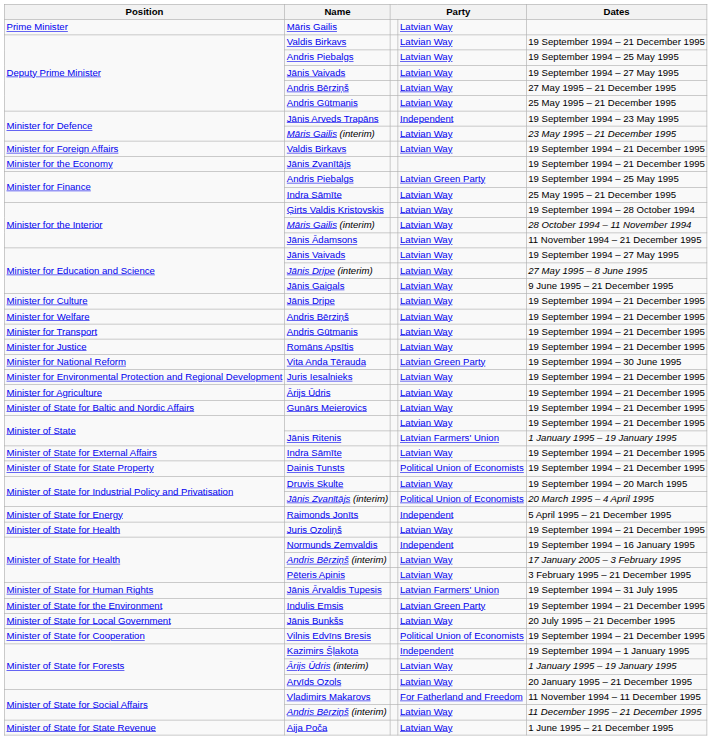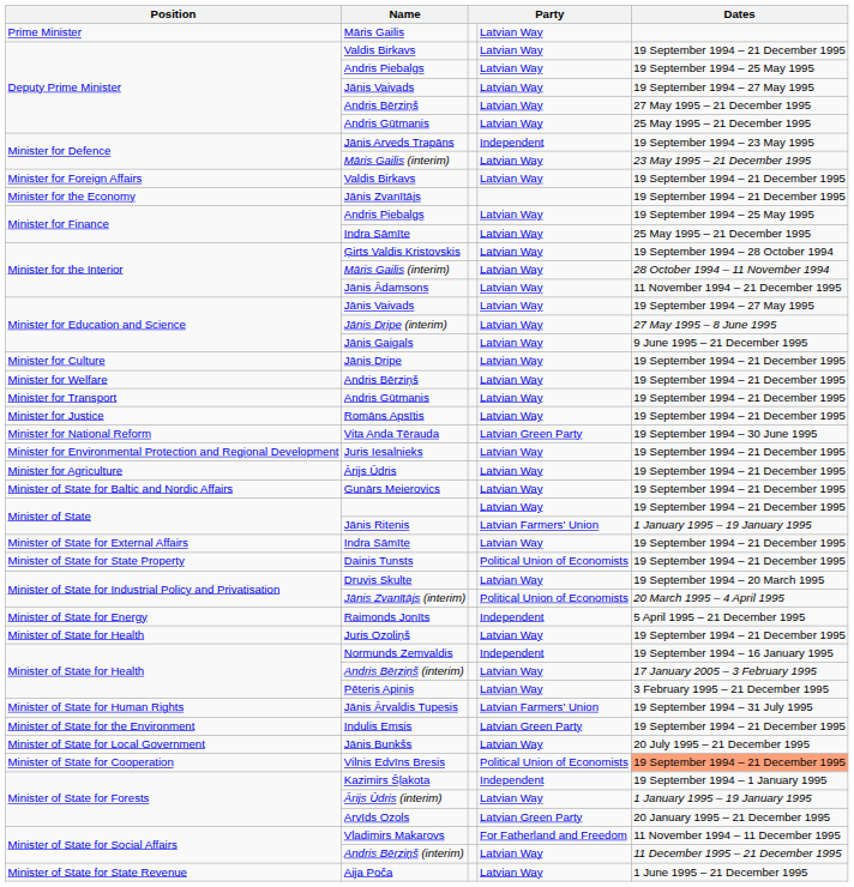 <table class="wikitable">
 <tr>
 <th>Position</th>
 <th>Name</th>
 <th colspan=2>Party</th>
 <th>Dates</th>
 </tr>
 <tr>
 <td><a href='#'>Prime Minister</a></td>
 <td><a href='#'>Māris Gailis</a></td>
 <td width=5px style="background-color: "></td>
 <td><a href='#'>Latvian Way</a></td>
 <td></td>
 </tr>
 <tr>
 <td rowspan="5"><a href='#'>Deputy Prime Minister</a></td>
 <td><a href='#'>Valdis Birkavs</a></td>
 <td style="background-color: "></td>
 <td><a href='#'>Latvian Way</a></td>
 <td>19 September 1994 – 21 December 1995</td>
 </tr>
 <tr>
 <td><a href='#'>Andris Piebalgs</a></td>
 <td style="background-color: "></td>
 <td><a href='#'>Latvian Way</a></td>
 <td>19 September 1994 – 25 May 1995</td>
 </tr>
 <tr>
 <td><a href='#'>Jānis Vaivads</a></td>
 <td style="background-color: "></td>
 <td><a href='#'>Latvian Way</a></td>
 <td>19 September 1994 – 27 May 1995</td>
 </tr>
 <tr>
 <td><a href='#'>Andris Bērziņš</a></td>
 <td style="background-color: "></td>
 <td><a href='#'>Latvian Way</a></td>
 <td>27 May 1995 – 21 December 1995</td>
 </tr>
 <tr>
 <td><a href='#'>Andris Gūtmanis</a></td>
 <td style="background-color: "></td>
 <td><a href='#'>Latvian Way</a></td>
 <td>25 May 1995 – 21 December 1995</td>
 </tr>
 <tr>
 <td rowspan="2"><a href='#'>Minister for Defence</a></td>
 <td><a href='#'>Jānis Arveds Trapāns</a></td>
 <td style="background-color: "></td>
 <td><a href='#'>Independent</a></td>
 <td>19 September 1994 – 23 May 1995</td>
 </tr>
 <tr>
 <td><em><a href='#'>Māris Gailis</a> (interim)</em></td>
 <td style="background-color: "></td>
 <td><a href='#'>Latvian Way</a></td>
 <td><em>23 May 1995 – 21 December 1995</em></td>
 </tr>
 <tr>
 <td><a href='#'>Minister for Foreign Affairs</a></td>
 <td><a href='#'>Valdis Birkavs</a></td>
 <td style="background-color: "></td>
 <td><a href='#'>Latvian Way</a></td>
 <td>19 September 1994 – 21 December 1995</td>
 </tr>
 <tr>
 <td><a href='#'>Minister for the Economy</a></td>
 <td><a href='#'>Jānis Zvanītājs</a></td>
 <td style="background-color: "></td>
 <td></td>
 <td>19 September 1994 – 21 December 1995</td>
 </tr>
 <tr>
 <td rowspan="2"><a href='#'>Minister for Finance</a></td>
 <td><a href='#'>Andris Piebalgs</a></td>
 <td style="background-color: "></td>
-<td><a href='#'>Latvian Green Party</a></td>
+<td><a href='#'>Latvian Way</a></td>
 <td>19 September 1994 – 25 May 1995</td>
 </tr>
 <tr>
 <td><a href='#'>Indra Sāmīte</a></td>
 <td style="background-color: "></td>
 <td><a href='#'>Latvian Way</a></td>
 <td>25 May 1995 – 21 December 1995</td>
 </tr>
 <tr>
 <td rowspan="3"><a href='#'>Minister for the Interior</a></td>
 <td><a href='#'>Ģirts Valdis Kristovskis</a></td>
 <td style="background-color: "></td>
 <td><a href='#'>Latvian Way</a></td>
 <td>19 September 1994 – 28 October 1994</td>
 </tr>
 <tr>
 <td><em><a href='#'>Māris Gailis</a> (interim)</em></td>
 <td style="background-color: "></td>
 <td><a href='#'>Latvian Way</a></td>
 <td><em>28 October 1994 – 11 November 1994</em></td>
 </tr>
 <tr>
 <td><a href='#'>Jānis Ādamsons</a></td>
 <td style="background-color: "></td>
 <td><a href='#'>Latvian Way</a></td>
 <td>11 November 1994 – 21 December 1995</td>
 </tr>
 <tr>
 <td rowspan="3"><a href='#'>Minister for Education and Science</a></td>
 <td><a href='#'>Jānis Vaivads</a></td>
 <td style="background-color: "></td>
 <td><a href='#'>Latvian Way</a></td>
 <td>19 September 1994 – 27 May 1995</td>
 </tr>
 <tr>
 <td><em><a href='#'>Jānis Dripe</a> (interim)</em></td>
 <td style="background-color: "></td>
 <td><a href='#'>Latvian Way</a></td>
 <td><em>27 May 1995 – 8 June 1995</em></td>
 </tr>
 <tr>
 <td><a href='#'>Jānis Gaigals</a></td>
 <td style="background-color: "></td>
 <td><a href='#'>Latvian Way</a></td>
 <td>9 June 1995 – 21 December 1995</td>
 </tr>
 <tr>
 <td><a href='#'>Minister for Culture</a></td>
 <td><a href='#'>Jānis Dripe</a></td>
 <td style="background-color: "></td>
 <td><a href='#'>Latvian Way</a></td>
 <td>19 September 1994 – 21 December 1995</td>
 </tr>
 <tr>
 <td><a href='#'>Minister for Welfare</a></td>
 <td><a href='#'>Andris Bērziņš</a></td>
 <td style="background-color: "></td>
 <td><a href='#'>Latvian Way</a></td>
 <td>19 September 1994 – 21 December 1995</td>
 </tr>
 <tr>
 <td><a href='#'>Minister for Transport</a></td>
 <td><a href='#'>Andris Gūtmanis</a></td>
 <td style="background-color: "></td>
 <td><a href='#'>Latvian Way</a></td>
 <td>19 September 1994 – 21 December 1995</td>
 </tr>
 <tr>
 <td><a href='#'>Minister for Justice</a></td>
 <td><a href='#'>Romāns Apsītis</a></td>
 <td style="background-color: "></td>
 <td><a href='#'>Latvian Way</a></td>
 <td>19 September 1994 – 21 December 1995</td>
 </tr>
 <tr>
 <td><a href='#'>Minister for National Reform</a></td>
 <td><a href='#'>Vita Anda Tērauda</a></td>
 <td style="background-color: "></td>
 <td><a href='#'>Latvian Green Party</a></td>
 <td>19 September 1994 – 30 June 1995</td>
 </tr>
 <tr>
 <td><a href='#'>Minister for Environmental Protection and Regional Development</a></td>
 <td><a href='#'>Juris Iesalnieks</a></td>
 <td style="background-color: "></td>
 <td><a href='#'>Latvian Way</a></td>
 <td>19 September 1994 – 21 December 1995</td>
 </tr>
 <tr>
 <td><a href='#'>Minister for Agriculture</a></td>
 <td><a href='#'>Ārijs Ūdris</a></td>
 <td style="background-color: "></td>
 <td><a href='#'>Latvian Way</a></td>
 <td>19 September 1994 – 21 December 1995</td>
 </tr>
 <tr>
 <td><a href='#'>Minister of State for Baltic and Nordic Affairs</a></td>
 <td><a href='#'>Gunārs Meierovics</a></td>
 <td style="background-color: "></td>
 <td><a href='#'>Latvian Way</a></td>
 <td>19 September 1994 – 21 December 1995</td>
 </tr>
 <tr>
 <td rowspan="2"><a href='#'>Minister of State</a></td>
 <td></td>
 <td style="background-color: "></td>
 <td><a href='#'>Latvian Way</a></td>
 <td>19 September 1994 – 21 December 1995</td>
 </tr>
 <tr>
 <td><a href='#'>Jānis Ritenis</a></td>
 <td style="background-color: "></td>
 <td><a href='#'>Latvian Farmers' Union</a></td>
 <td><em>1 January 1995 – 19 January 1995</em></td>
 </tr>
 <tr>
 <td><a href='#'>Minister of State for External Affairs</a></td>
 <td><a href='#'>Indra Sāmīte</a></td>
 <td style="background-color: "></td>
 <td><a href='#'>Latvian Way</a></td>
 <td>19 September 1994 – 21 December 1995</td>
 </tr>
 <tr>
 <td><a href='#'>Minister of State for State Property</a></td>
 <td><a href='#'>Dainis Tunsts</a></td>
 <td style="background-color: "></td>
 <td><a href='#'>Political Union of Economists</a></td>
 <td>19 September 1994 – 21 December 1995</td>
 </tr>
 <tr>
 <td rowspan="2"><a href='#'>Minister of State for Industrial Policy and Privatisation</a></td>
 <td><a href='#'>Druvis Skulte</a></td>
 <td style="background-color: "></td>
 <td><a href='#'>Latvian Way</a></td>
 <td>19 September 1994 – 20 March 1995</td>
 </tr>
 <tr>
 <td><em><a href='#'>Jānis Zvanītājs</a> (interim)</em></td>
 <td style="background-color: "></td>
 <td><a href='#'>Political Union of Economists</a></td>
 <td><em>20 March 1995 – 4 April 1995</em></td>
 </tr>
 <tr>
 <td><a href='#'>Minister of State for Energy</a></td>
 <td><a href='#'>Raimonds Jonīts</a></td>
 <td style="background-color: "></td>
 <td><a href='#'>Independent</a></td>
 <td>5 April 1995 – 21 December 1995</td>
 </tr>
 <tr>
 <td><a href='#'>Minister of State for Health</a></td>
 <td><a href='#'>Juris Ozoliņš</a></td>
 <td style="background-color: "></td>
 <td><a href='#'>Latvian Way</a></td>
 <td>19 September 1994 – 21 December 1995</td>
 </tr>
 <tr>
 <td rowspan="3"><a href='#'>Minister of State for Health</a></td>
 <td><a href='#'>Normunds Zemvaldis</a></td>
 <td style="background-color: "></td>
 <td><a href='#'>Independent</a></td>
 <td>19 September 1994 – 16 January 1995</td>
 </tr>
 <tr>
 <td><em><a href='#'>Andris Bērziņš</a> (interim)</em></td>
 <td style="background-color: "></td>
 <td><a href='#'>Latvian Way</a></td>
 <td><em>17 January 2005 – 3 February 1995</em></td>
 </tr>
 <tr>
 <td><a href='#'>Pēteris Apinis</a></td>
 <td style="background-color: "></td>
 <td><a href='#'>Latvian Way</a></td>
 <td>3 February 1995 – 21 December 1995</td>
 </tr>
 <tr>
 <td><a href='#'>Minister of State for Human Rights</a></td>
 <td><a href='#'>Jānis Ārvaldis Tupesis</a></td>
 <td style="background-color: "></td>
 <td><a href='#'>Latvian Farmers' Union</a></td>
 <td>19 September 1994 – 31 July 1995</td>
 </tr>
 <tr>
 <td><a href='#'>Minister of State for the Environment</a></td>
 <td><a href='#'>Indulis Emsis</a></td>
 <td style="background-color: "></td>
 <td><a href='#'>Latvian Green Party</a></td>
 <td>19 September 1994 – 21 December 1995</td>
 </tr>
 <tr>
 <td><a href='#'>Minister of State for Local Government</a></td>
 <td><a href='#'>Jānis Bunkšs</a></td>
 <td style="background-color: "></td>
 <td><a href='#'>Latvian Way</a></td>
 <td>20 July 1995 – 21 December 1995</td>
 </tr>
 <tr>
 <td><a href='#'>Minister of State for Cooperation</a></td>
 <td><a href='#'>Vilnis Edvīns Bresis</a></td>
 <td style="background-color: "></td>
 <td><a href='#'>Political Union of Economists</a></td>
-<td>19 September 1994 – 21 December 1995</td>
+<td style="background: lightsalmon;">19 September 1994 – 21 December 1995</td>
 </tr>
 <tr>
 <td rowspan="3"><a href='#'>Minister of State for Forests</a></td>
 <td><a href='#'>Kazimirs Šļakota</a></td>
 <td style="background-color: "></td>
 <td><a href='#'>Independent</a></td>
 <td>19 September 1994 – 1 January 1995</td>
 </tr>
 <tr>
 <td><em><a href='#'>Ārijs Ūdris</a> (interim)</em></td>
 <td style="background-color: "></td>
 <td><a href='#'>Latvian Way</a></td>
 <td><em>1 January 1995 – 19 January 1995</em></td>
 </tr>
 <tr>
 <td><a href='#'>Arvīds Ozols</a></td>
 <td style="background-color: "></td>
-<td><a href='#'>Latvian Way</a></td>
+<td><a href='#'>Latvian Green Party</a></td>
 <td>20 January 1995 – 21 December 1995</td>
 </tr>
 <tr>
 <td rowspan="2"><a href='#'>Minister of State for Social Affairs</a></td>
 <td><a href='#'>Vladimirs Makarovs</a></td>
 <td style="background-color: "></td>
 <td><a href='#'>For Fatherland and Freedom</a></td>
 <td>11 November 1994 – 11 December 1995</td>
 </tr>
 <tr>
 <td><em><a href='#'>Andris Bērziņš</a> (interim)</em></td>
 <td style="background-color: "></td>
 <td><a href='#'>Latvian Way</a></td>
 <td><em>11 December 1995 – 21 December 1995</em></td>
 </tr>
 <tr>
 <td><a href='#'>Minister of State for State Revenue</a></td>
 <td><a href='#'>Aija Poča</a></td>
 <td style="background-color: "></td>
 <td><a href='#'>Latvian Way</a></td>
 <td>1 June 1995 – 21 December 1995</td>
 </tr>
 </table>
